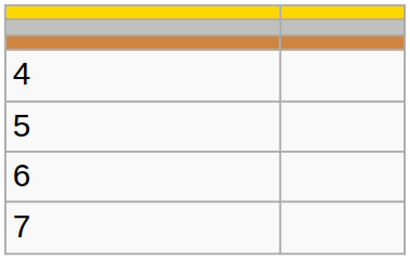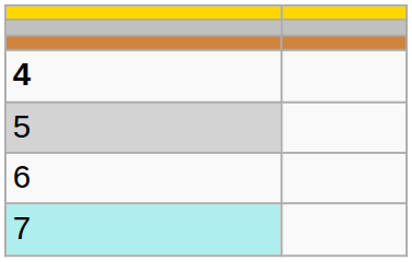 <table class="wikitable" style="width:200px;">
 <tr style="background:gold;">
 <td center></td>
 <td></td>
 </tr>
 <tr style="background:silver;">
 <td center></td>
 <td></td>
 </tr>
 <tr style="background:peru;">
 <td center></td>
 <td></td>
 </tr>
 <tr>
-<td center>4</td>
+<td center><strong>4</strong></td>
 <td></td>
 </tr>
 <tr>
-<td center>5</td>
+<td center style="background: lightgrey;">5</td>
 <td></td>
 </tr>
 <tr>
 <td center>6</td>
 <td></td>
 </tr>
 <tr>
-<td center>7</td>
+<td center style="background: paleturquoise;">7</td>
 <td></td>
 </tr>
 </table>
